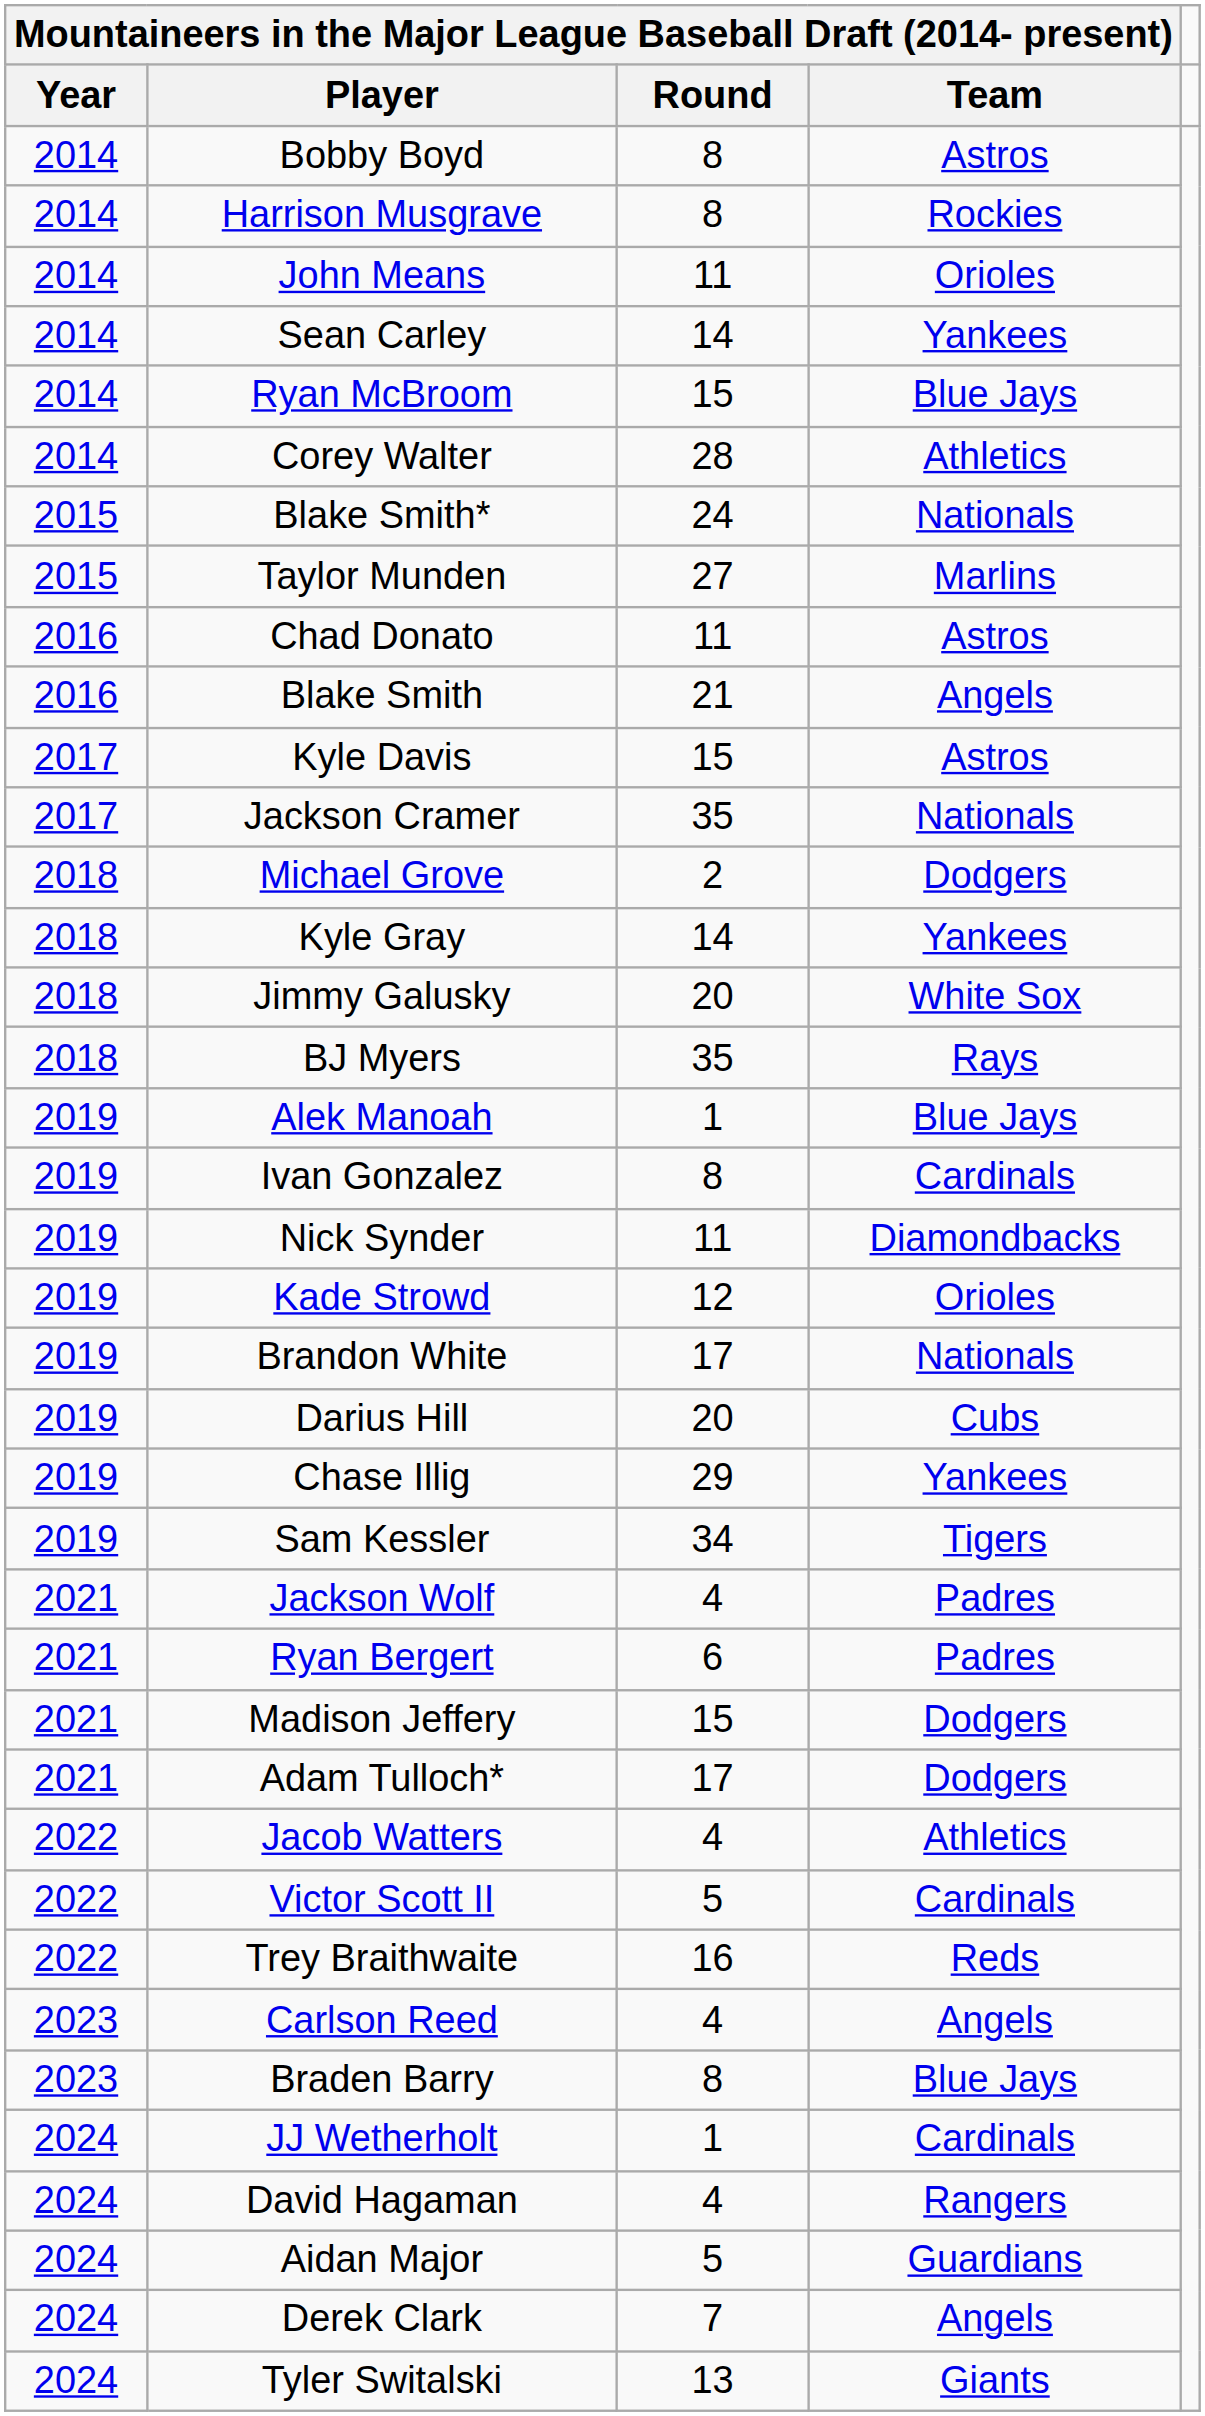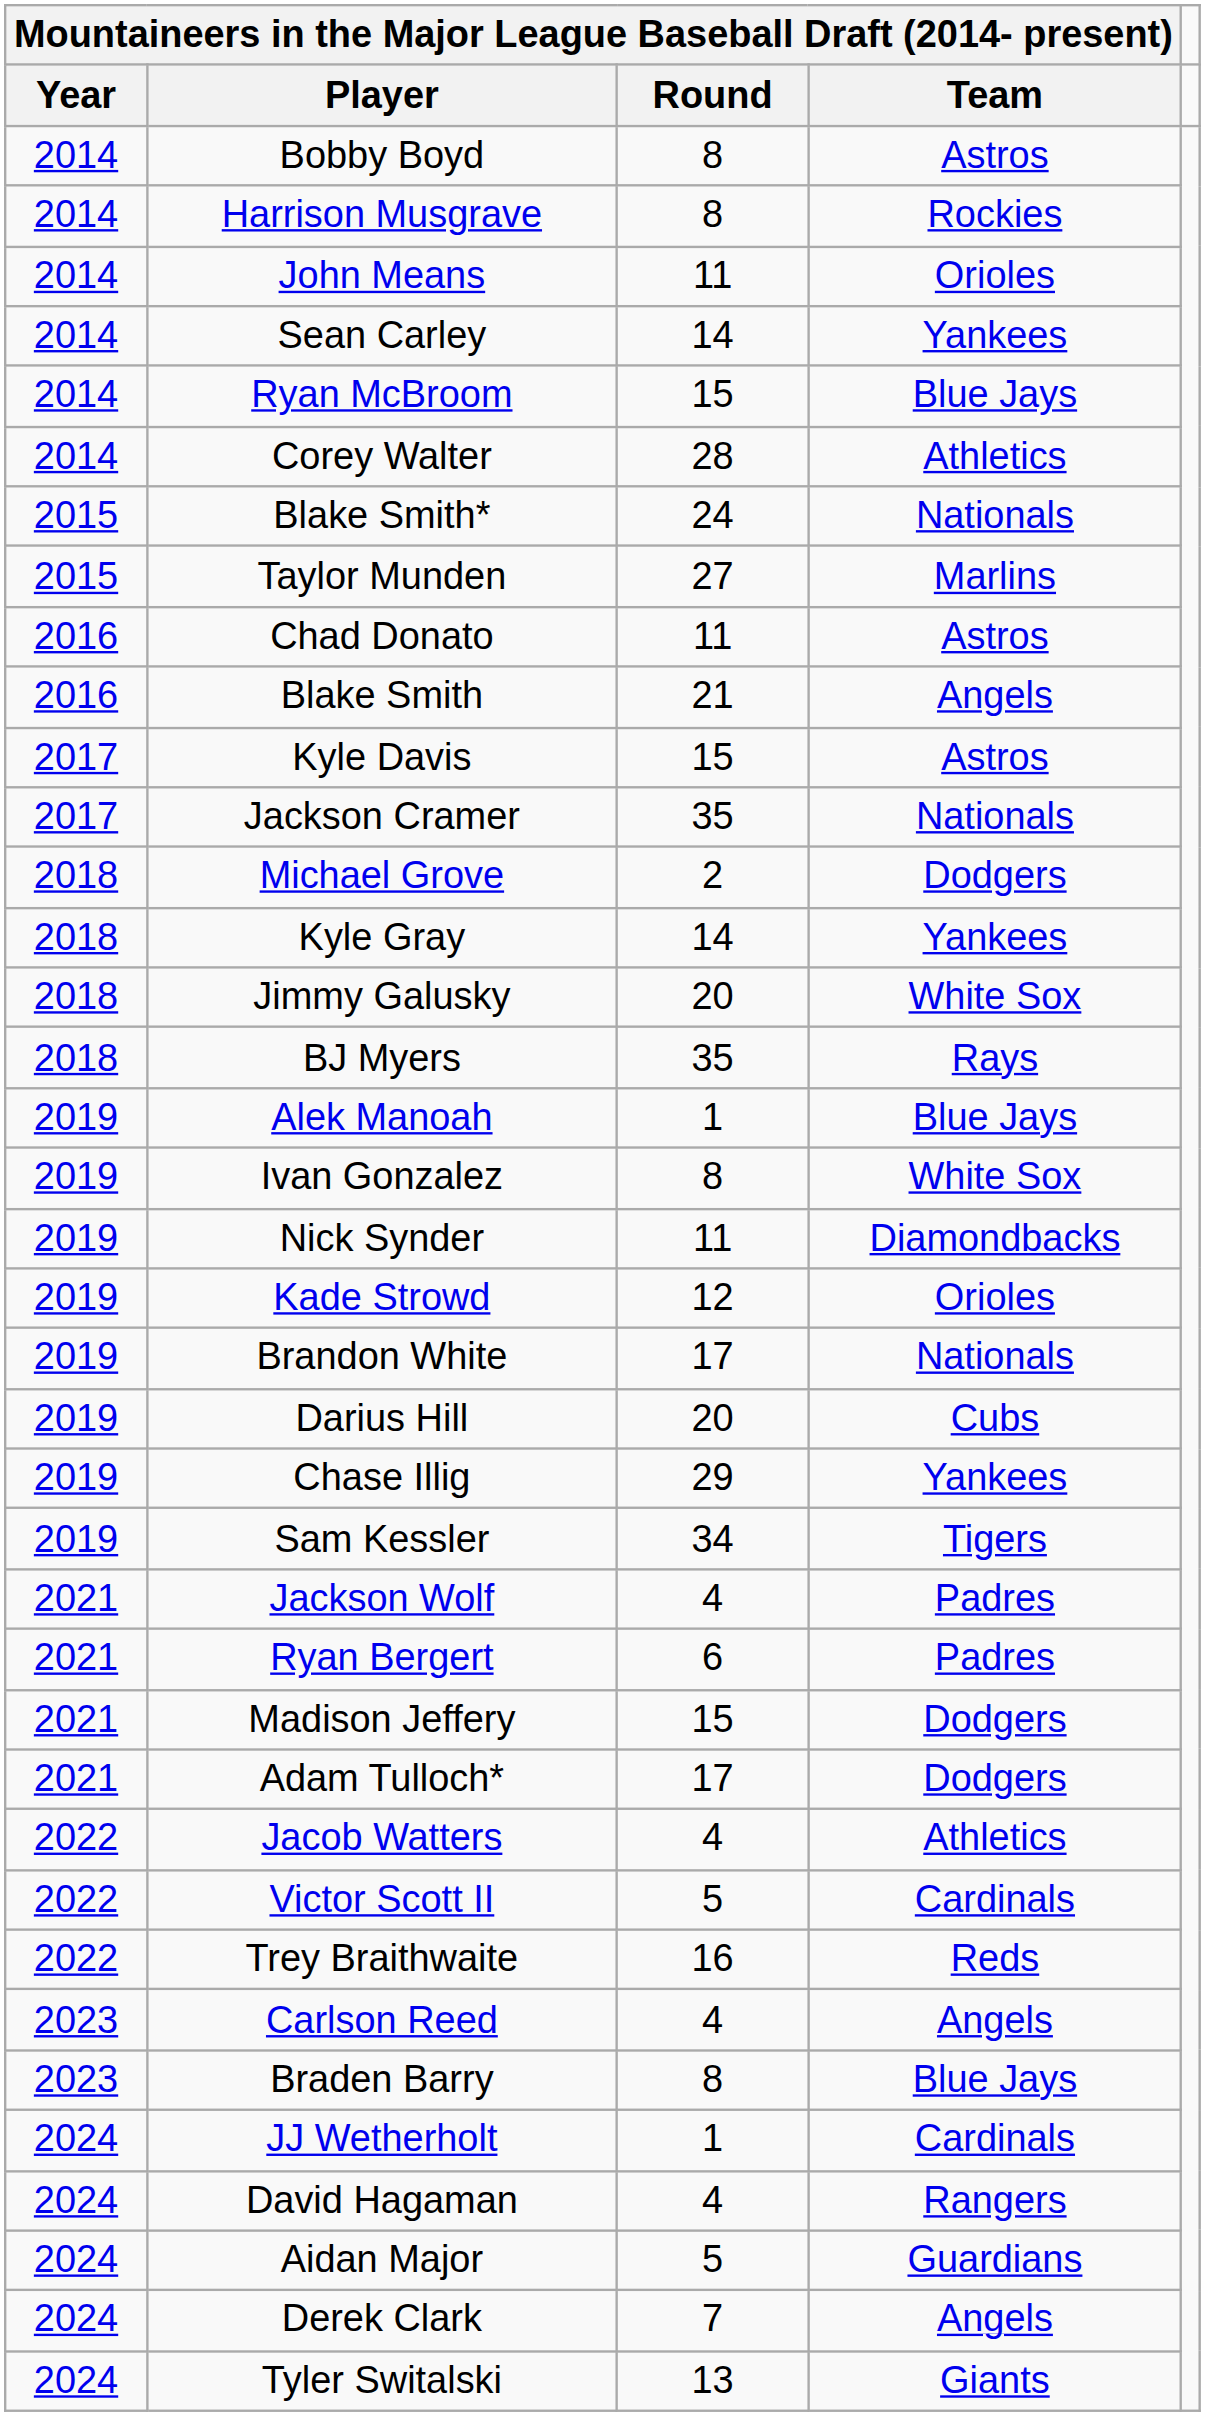 <table class="wikitable sortable collapsible collapsed" style="text-align:center">
 <tr>
 <th colspan=4>Mountaineers in the Major League Baseball Draft (2014- present)</th>
 </tr>
 <tr>
 <th>Year</th>
 <th>Player</th>
 <th>Round</th>
 <th>Team</th>
 <td></td>
 </tr>
 <tr>
 <td><a href='#'>2014</a></td>
 <td>Bobby Boyd</td>
 <td>8</td>
 <td><a href='#'>Astros</a></td>
 </tr>
 <tr>
 <td><a href='#'>2014</a></td>
 <td><a href='#'>Harrison Musgrave</a></td>
 <td>8</td>
 <td><a href='#'>Rockies</a></td>
 </tr>
 <tr>
 <td><a href='#'>2014</a></td>
 <td><a href='#'>John Means</a></td>
 <td>11</td>
 <td><a href='#'>Orioles</a></td>
 </tr>
 <tr>
 <td><a href='#'>2014</a></td>
 <td>Sean Carley</td>
 <td>14</td>
 <td><a href='#'>Yankees</a></td>
 </tr>
 <tr>
 <td><a href='#'>2014</a></td>
 <td><a href='#'>Ryan McBroom</a></td>
 <td>15</td>
 <td><a href='#'>Blue Jays</a></td>
 </tr>
 <tr>
 <td><a href='#'>2014</a></td>
 <td>Corey Walter</td>
 <td>28</td>
 <td><a href='#'>Athletics</a></td>
 </tr>
 <tr>
 <td><a href='#'>2015</a></td>
 <td>Blake Smith*</td>
 <td>24</td>
 <td><a href='#'>Nationals</a></td>
 </tr>
 <tr>
 <td><a href='#'>2015</a></td>
 <td>Taylor Munden</td>
 <td>27</td>
 <td><a href='#'>Marlins</a></td>
 </tr>
 <tr>
 <td><a href='#'>2016</a></td>
 <td>Chad Donato</td>
 <td>11</td>
 <td><a href='#'>Astros</a></td>
 </tr>
 <tr>
 <td><a href='#'>2016</a></td>
 <td>Blake Smith</td>
 <td>21</td>
 <td><a href='#'>Angels</a></td>
 </tr>
 <tr>
 <td><a href='#'>2017</a></td>
 <td>Kyle Davis</td>
 <td>15</td>
 <td><a href='#'>Astros</a></td>
 </tr>
 <tr>
 <td><a href='#'>2017</a></td>
 <td>Jackson Cramer</td>
 <td>35</td>
 <td><a href='#'>Nationals</a></td>
 </tr>
 <tr>
 <td><a href='#'>2018</a></td>
 <td><a href='#'>Michael Grove</a></td>
 <td>2</td>
 <td><a href='#'>Dodgers</a></td>
 </tr>
 <tr>
 <td><a href='#'>2018</a></td>
 <td>Kyle Gray</td>
 <td>14</td>
 <td><a href='#'>Yankees</a></td>
 </tr>
 <tr>
 <td><a href='#'>2018</a></td>
 <td>Jimmy Galusky</td>
 <td>20</td>
 <td><a href='#'>White Sox</a></td>
 </tr>
 <tr>
 <td><a href='#'>2018</a></td>
 <td>BJ Myers</td>
 <td>35</td>
 <td><a href='#'>Rays</a></td>
 </tr>
 <tr>
 <td><a href='#'>2019</a></td>
 <td><a href='#'>Alek Manoah</a></td>
 <td>1</td>
 <td><a href='#'>Blue Jays</a></td>
 </tr>
 <tr>
 <td><a href='#'>2019</a></td>
 <td>Ivan Gonzalez</td>
 <td>8</td>
-<td><a href='#'>Cardinals</a></td>
+<td><a href='#'>White Sox</a></td>
 </tr>
 <tr>
 <td><a href='#'>2019</a></td>
 <td>Nick Synder</td>
 <td>11</td>
 <td><a href='#'>Diamondbacks</a></td>
 </tr>
 <tr>
 <td><a href='#'>2019</a></td>
 <td><a href='#'>Kade Strowd</a></td>
 <td>12</td>
 <td><a href='#'>Orioles</a></td>
 </tr>
 <tr>
 <td><a href='#'>2019</a></td>
 <td>Brandon White</td>
 <td>17</td>
 <td><a href='#'>Nationals</a></td>
 </tr>
 <tr>
 <td><a href='#'>2019</a></td>
 <td>Darius Hill</td>
 <td>20</td>
 <td><a href='#'>Cubs</a></td>
 </tr>
 <tr>
 <td><a href='#'>2019</a></td>
 <td>Chase Illig</td>
 <td>29</td>
 <td><a href='#'>Yankees</a></td>
 </tr>
 <tr>
 <td><a href='#'>2019</a></td>
 <td>Sam Kessler</td>
 <td>34</td>
 <td><a href='#'>Tigers</a></td>
 </tr>
 <tr>
 <td><a href='#'>2021</a></td>
 <td><a href='#'>Jackson Wolf</a></td>
 <td>4</td>
 <td><a href='#'>Padres</a></td>
 </tr>
 <tr>
 <td><a href='#'>2021</a></td>
 <td><a href='#'>Ryan Bergert</a></td>
 <td>6</td>
 <td><a href='#'>Padres</a></td>
 </tr>
 <tr>
 <td><a href='#'>2021</a></td>
 <td>Madison Jeffery</td>
 <td>15</td>
 <td><a href='#'>Dodgers</a></td>
 </tr>
 <tr>
 <td><a href='#'>2021</a></td>
 <td>Adam Tulloch*</td>
 <td>17</td>
 <td><a href='#'>Dodgers</a></td>
 </tr>
 <tr>
 <td><a href='#'>2022</a></td>
 <td><a href='#'>Jacob Watters</a></td>
 <td>4</td>
 <td><a href='#'>Athletics</a></td>
 </tr>
 <tr>
 <td><a href='#'>2022</a></td>
 <td><a href='#'>Victor Scott II</a></td>
 <td>5</td>
 <td><a href='#'>Cardinals</a></td>
 </tr>
 <tr>
 <td><a href='#'>2022</a></td>
 <td>Trey Braithwaite</td>
 <td>16</td>
 <td><a href='#'>Reds</a></td>
 </tr>
 <tr>
 <td><a href='#'>2023</a></td>
 <td><a href='#'>Carlson Reed</a></td>
 <td>4</td>
 <td><a href='#'>Angels</a></td>
 </tr>
 <tr>
 <td><a href='#'>2023</a></td>
 <td>Braden Barry</td>
 <td>8</td>
 <td><a href='#'>Blue Jays</a></td>
 </tr>
 <tr>
 <td><a href='#'>2024</a></td>
 <td><a href='#'>JJ Wetherholt</a></td>
 <td>1</td>
 <td><a href='#'>Cardinals</a></td>
 </tr>
 <tr>
 <td><a href='#'>2024</a></td>
 <td>David Hagaman</td>
 <td>4</td>
 <td><a href='#'>Rangers</a></td>
 </tr>
 <tr>
 <td><a href='#'>2024</a></td>
 <td>Aidan Major</td>
 <td>5</td>
 <td><a href='#'>Guardians</a></td>
 </tr>
 <tr>
 <td><a href='#'>2024</a></td>
 <td>Derek Clark</td>
 <td>7</td>
 <td><a href='#'>Angels</a></td>
 </tr>
 <tr>
 <td><a href='#'>2024</a></td>
 <td>Tyler Switalski</td>
 <td>13</td>
 <td><a href='#'>Giants</a></td>
 </tr>
 </table>
